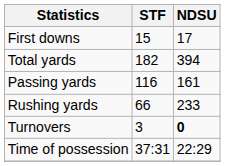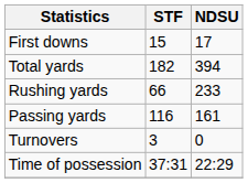 <table class="wikitable" style="float: left;">
 <tr>
 <th>Statistics</th>
 <th>STF</th>
 <th>NDSU</th>
 </tr>
 <tr>
 <td>First downs</td>
 <td>15</td>
 <td>17</td>
 </tr>
 <tr>
 <td>Total yards</td>
 <td>182</td>
 <td>394</td>
 </tr>
 <tr>
+<td>Rushing yards</td>
+<td>66</td>
+<td>233</td>
+</tr>
+<tr>
 <td>Passing yards</td>
 <td>116</td>
 <td>161</td>
 </tr>
 <tr>
-<td>Rushing yards</td>
-<td>66</td>
-<td>233</td>
-</tr>
-<tr>
 <td>Turnovers</td>
 <td>3</td>
-<td><strong>0</strong></td>
+<td>0</td>
 </tr>
 <tr>
 <td>Time of possession</td>
 <td>37:31</td>
 <td>22:29</td>
 </tr>
 <tr>
 </tr>
 </table>
